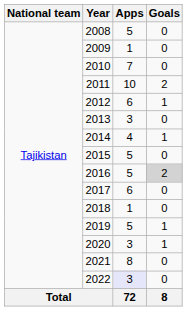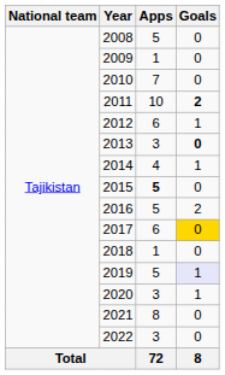 <table class="wikitable" style="text-align:center">
 <tr>
 <th>National team</th>
 <th>Year</th>
 <th>Apps</th>
 <th>Goals</th>
 </tr>
 <tr>
 <td rowspan="15"><a href='#'>Tajikistan</a></td>
 <td>2008</td>
 <td>5</td>
 <td>0</td>
 </tr>
 <tr>
 <td>2009</td>
 <td>1</td>
 <td>0</td>
 </tr>
 <tr>
 <td>2010</td>
 <td>7</td>
 <td>0</td>
 </tr>
 <tr>
 <td>2011</td>
 <td>10</td>
-<td>2</td>
+<td><strong>2</strong></td>
 </tr>
 <tr>
 <td>2012</td>
 <td>6</td>
 <td>1</td>
 </tr>
 <tr>
 <td>2013</td>
 <td>3</td>
-<td>0</td>
+<td><strong>0</strong></td>
 </tr>
 <tr>
 <td>2014</td>
 <td>4</td>
 <td>1</td>
 </tr>
 <tr>
 <td>2015</td>
-<td>5</td>
+<td><strong>5</strong></td>
 <td>0</td>
 </tr>
 <tr>
 <td>2016</td>
 <td>5</td>
-<td style="background: lightgrey;">2</td>
+<td>2</td>
 </tr>
 <tr>
 <td>2017</td>
 <td>6</td>
-<td>0</td>
+<td style="background: gold;">0</td>
 </tr>
 <tr>
 <td>2018</td>
 <td>1</td>
 <td>0</td>
 </tr>
 <tr>
 <td>2019</td>
 <td>5</td>
-<td>1</td>
+<td style="background: lavender;">1</td>
 </tr>
 <tr>
 <td>2020</td>
 <td>3</td>
 <td>1</td>
 </tr>
 <tr>
 <td>2021</td>
 <td>8</td>
 <td>0</td>
 </tr>
 <tr>
 <td>2022</td>
-<td style="background: lavender;">3</td>
+<td>3</td>
 <td>0</td>
 </tr>
 <tr>
 <th colspan="2">Total</th>
 <th>72</th>
 <th>8</th>
 </tr>
 </table>
